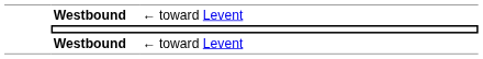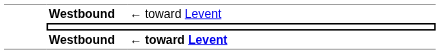 <table table border=0 cellspacing=0 cellpadding=3>
 <tr>
 <td style="border-top:solid 1px gray;border-bottom:solid 1px gray;" width=50 rowspan=3 valign=top></td>
 <td style="border-top:solid 1px gray;" width=100><strong>Westbound</strong></td>
 <td style="border-top:solid 1px gray;" width=400>←  toward <a href='#'>Levent</a></td>
 </tr>
 <tr>
 <td style="border-top:solid 2px black;border-right:solid 2px black;border-left:solid 2px black;border-bottom:solid 2px black;text-align:center;" colspan=2></td>
 </tr>
 <tr>
 <td style="border-bottom:solid 1px gray;"><strong>Westbound</strong></td>
-<td style="border-bottom:solid 1px gray;">←  toward <a href='#'>Levent</a></td>
+<td style="border-bottom:solid 1px gray;"><strong>←  toward <a href='#'>Levent</a></strong></td>
 </tr>
 </table>
